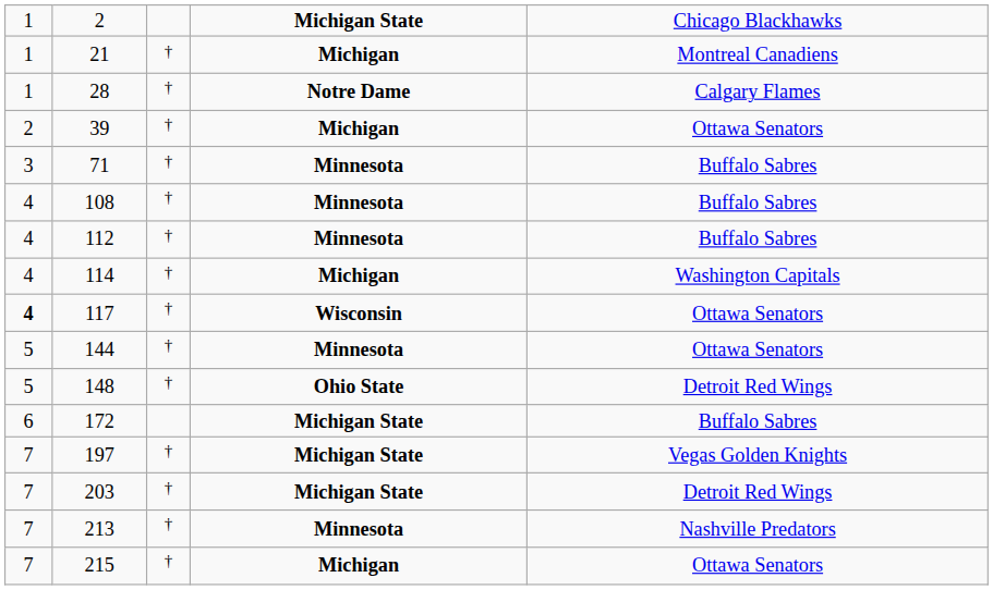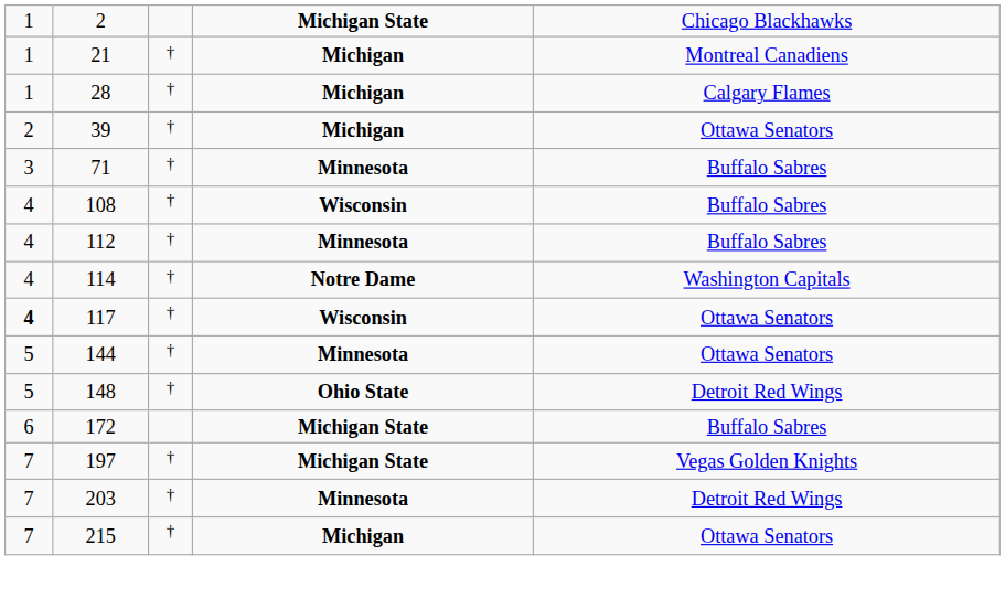 <table class="wikitable sortable" width="50%">
 <tr align="center" bgcolor="">
 <td>1</td>
 <td>2</td>
 <td></td>
 <td><strong>Michigan State</strong></td>
 <td><a href='#'>Chicago Blackhawks</a></td>
 </tr>
 <tr align="center" bgcolor="">
 <td>1</td>
 <td>21</td>
 <td> <sup>†</sup></td>
 <td><strong>Michigan</strong></td>
 <td><a href='#'>Montreal Canadiens</a></td>
 </tr>
 <tr align="center" bgcolor="">
 <td>1</td>
 <td>28</td>
 <td> <sup>†</sup></td>
-<td><strong>Notre Dame</strong></td>
+<td><strong>Michigan</strong></td>
 <td><a href='#'>Calgary Flames</a></td>
 </tr>
 <tr align="center" bgcolor="">
 <td>2</td>
 <td>39</td>
 <td> <sup>†</sup></td>
 <td><strong>Michigan</strong></td>
 <td><a href='#'>Ottawa Senators</a></td>
 </tr>
 <tr align="center" bgcolor="">
 <td>3</td>
 <td>71</td>
 <td> <sup>†</sup></td>
 <td><strong>Minnesota</strong></td>
 <td><a href='#'>Buffalo Sabres</a></td>
 </tr>
 <tr align="center" bgcolor="">
 <td>4</td>
 <td>108</td>
 <td> <sup>†</sup></td>
-<td><strong>Minnesota</strong></td>
+<td><strong>Wisconsin</strong></td>
 <td><a href='#'>Buffalo Sabres</a></td>
 </tr>
 <tr align="center" bgcolor="">
 <td>4</td>
 <td>112</td>
 <td> <sup>†</sup></td>
 <td><strong>Minnesota</strong></td>
 <td><a href='#'>Buffalo Sabres</a></td>
 </tr>
 <tr align="center" bgcolor="">
 <td>4</td>
 <td>114</td>
 <td> <sup>†</sup></td>
-<td><strong>Michigan</strong></td>
+<td><strong>Notre Dame</strong></td>
 <td><a href='#'>Washington Capitals</a></td>
 </tr>
 <tr align="center" bgcolor="">
 <td><strong>4</strong></td>
 <td>117</td>
 <td> <sup>†</sup></td>
 <td><strong>Wisconsin</strong></td>
 <td><a href='#'>Ottawa Senators</a></td>
 </tr>
 <tr align="center" bgcolor="">
 <td>5</td>
 <td>144</td>
 <td> <sup>†</sup></td>
 <td><strong>Minnesota</strong></td>
 <td><a href='#'>Ottawa Senators</a></td>
 </tr>
 <tr align="center" bgcolor="">
 <td>5</td>
 <td>148</td>
 <td> <sup>†</sup></td>
 <td><strong>Ohio State</strong></td>
 <td><a href='#'>Detroit Red Wings</a></td>
 </tr>
 <tr align="center" bgcolor="">
 <td>6</td>
 <td>172</td>
 <td></td>
 <td><strong>Michigan State</strong></td>
 <td><a href='#'>Buffalo Sabres</a></td>
 </tr>
 <tr align="center" bgcolor="">
 <td>7</td>
 <td>197</td>
 <td> <sup>†</sup></td>
 <td><strong>Michigan State</strong></td>
 <td><a href='#'>Vegas Golden Knights</a></td>
 </tr>
 <tr align="center" bgcolor="">
 <td>7</td>
 <td>203</td>
 <td> <sup>†</sup></td>
-<td><strong>Michigan State</strong></td>
+<td><strong>Minnesota</strong></td>
 <td><a href='#'>Detroit Red Wings</a></td>
-</tr>
-<tr align="center" bgcolor="">
-<td>7</td>
-<td>213</td>
-<td> <sup>†</sup></td>
-<td><strong>Minnesota</strong></td>
-<td><a href='#'>Nashville Predators</a></td>
 </tr>
 <tr align="center" bgcolor="">
 <td>7</td>
 <td>215</td>
 <td> <sup>†</sup></td>
 <td><strong>Michigan</strong></td>
 <td><a href='#'>Ottawa Senators</a></td>
 </tr>
 </table>
